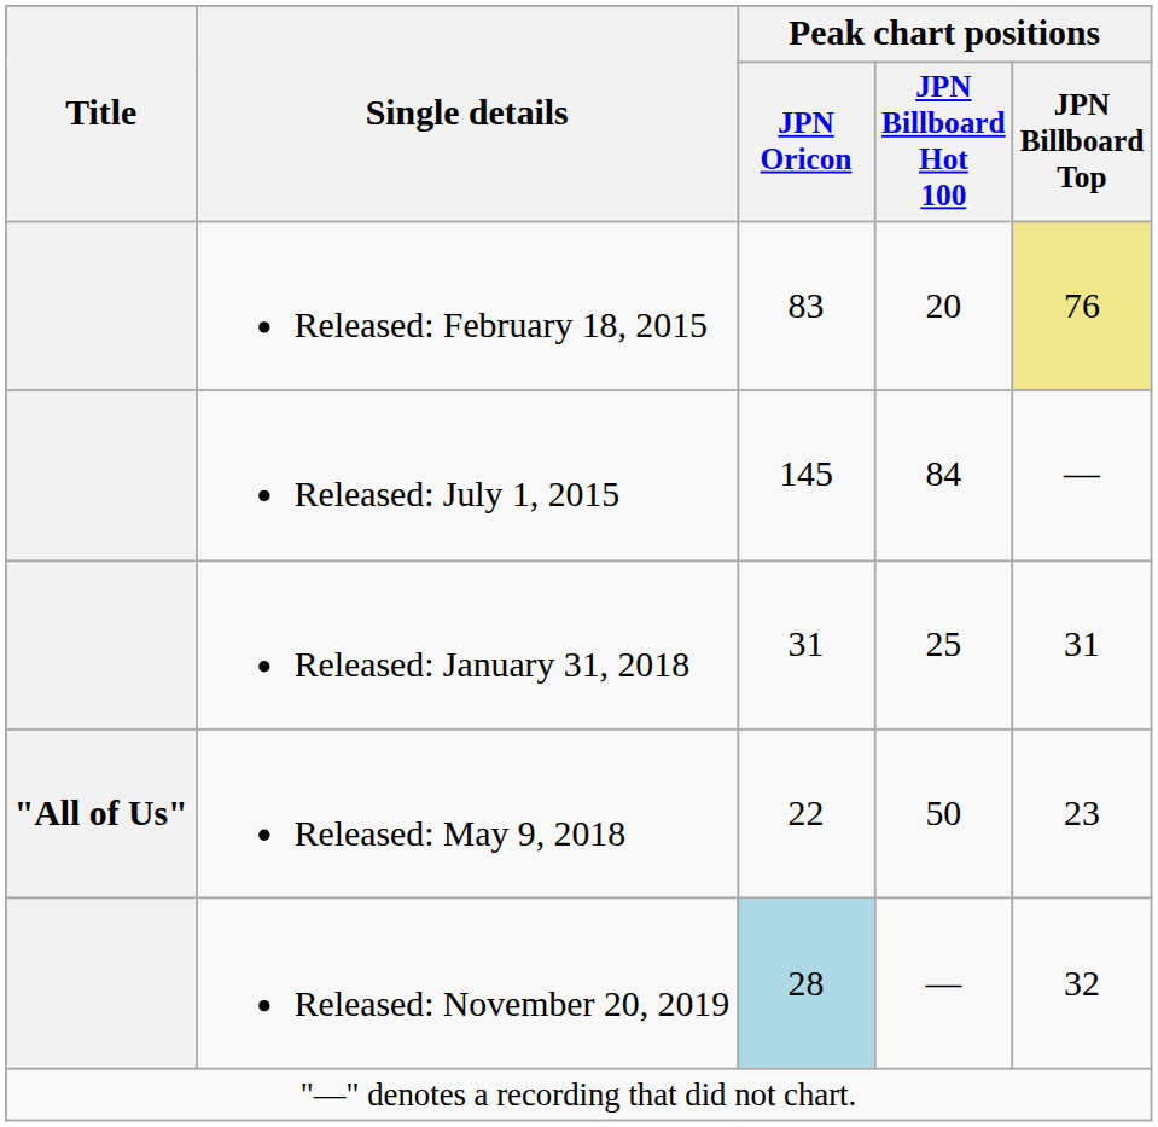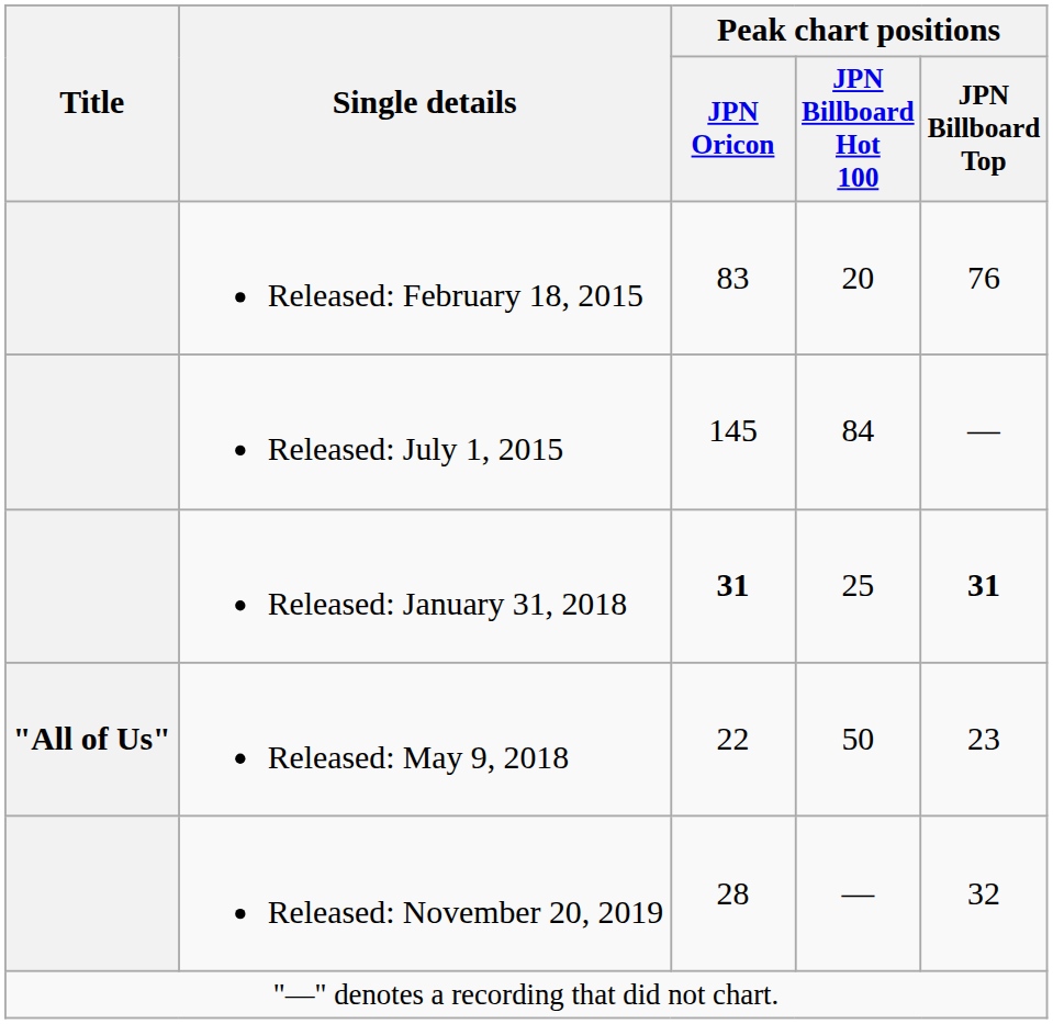 <table class="wikitable plainrowheaders">
 <tr>
 <th scope="col" rowspan="2">Title</th>
 <th scope="col" rowspan="2">Single details</th>
 <th scope="col" colspan="3">Peak chart positions</th>
 </tr>
 <tr>
 <th scope="col" style="width:4em;font-size:85%"><a href='#'>JPN<br>Oricon</a><br></th>
 <th scope="col" style="width:4em;font-size:85%"><a href='#'>JPN<br>Billboard<br>Hot<br>100</a></th>
 <th scope="col" style="width:4em;font-size:85%">JPN<br>Billboard<br>Top<br></th>
 </tr>
 <tr>
 <th scope="row"></th>
 <td><br><ul><li>Released: February 18, 2015</li></ul></td>
 <td align="center">83</td>
 <td align="center">20</td>
-<td align="center" style="background: khaki;">76</td>
+<td align="center">76</td>
 </tr>
 <tr>
 <th scope="row"></th>
 <td><br><ul><li>Released: July 1, 2015</li></ul></td>
 <td align="center">145</td>
 <td align="center">84</td>
 <td align="center">—</td>
 </tr>
 <tr>
 <th scope="row"></th>
 <td><br><ul><li>Released: January 31, 2018</li></ul></td>
-<td align="center">31</td>
+<td align="center"><strong>31</strong></td>
 <td align="center">25</td>
-<td align="center">31</td>
+<td align="center"><strong>31</strong></td>
 </tr>
 <tr>
 <th scope="row">"All of Us"</th>
 <td><br><ul><li>Released: May 9, 2018</li></ul></td>
 <td align="center">22</td>
 <td align="center">50</td>
 <td align="center">23</td>
 </tr>
 <tr>
 <th scope="row"></th>
 <td><br><ul><li>Released: November 20, 2019</li></ul></td>
-<td align="center" style="background: lightblue;">28</td>
+<td align="center">28</td>
 <td align="center">—</td>
 <td align="center">32</td>
 </tr>
 <tr>
 <td align="center" colspan="5" style="font-size:90%">"—" denotes a recording that did not chart.</td>
 </tr>
 </table>
